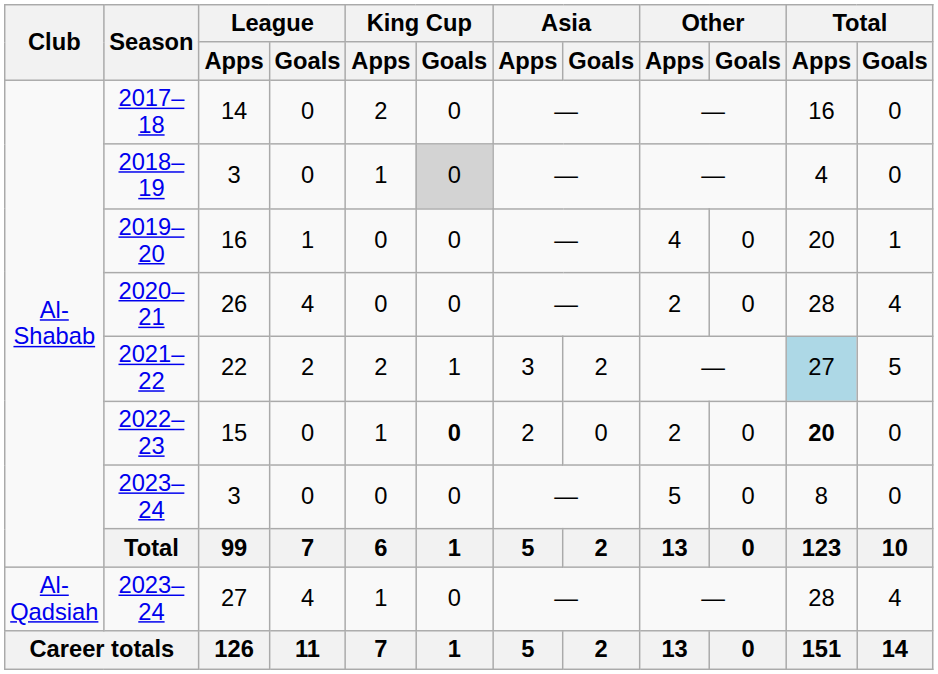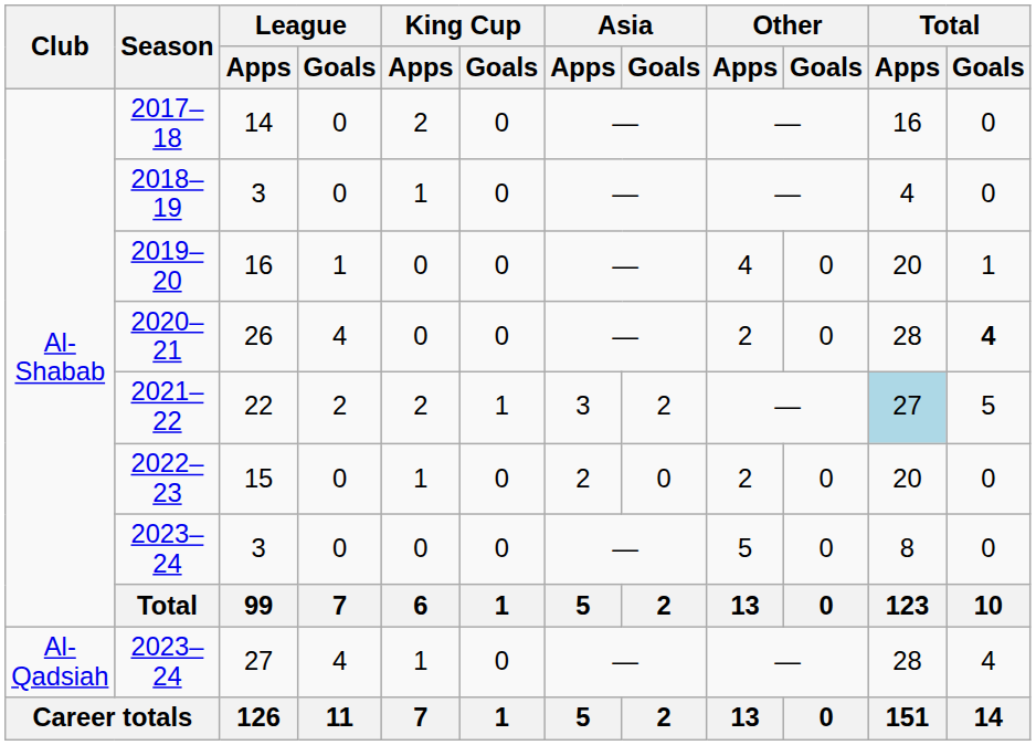 <table class="wikitable" style="text-align: center">
 <tr>
 <th rowspan=2>Club</th>
 <th rowspan=2>Season</th>
 <th colspan=2>League</th>
 <th colspan=2>King Cup</th>
 <th colspan=2>Asia</th>
 <th colspan=2>Other</th>
 <th colspan=2>Total</th>
 </tr>
 <tr>
 <th>Apps</th>
 <th>Goals</th>
 <th>Apps</th>
 <th>Goals</th>
 <th>Apps</th>
 <th>Goals</th>
 <th>Apps</th>
 <th>Goals</th>
 <th>Apps</th>
 <th>Goals</th>
 </tr>
 <tr>
 <td rowspan=8><a href='#'>Al-Shabab</a></td>
 <td><a href='#'>2017–18</a></td>
 <td>14</td>
 <td>0</td>
 <td>2</td>
 <td>0</td>
 <td colspan=2>—</td>
 <td colspan=2>—</td>
 <td>16</td>
 <td>0</td>
 </tr>
 <tr>
 <td><a href='#'>2018–19</a></td>
 <td>3</td>
 <td>0</td>
 <td>1</td>
-<td style="background: lightgrey;">0</td>
+<td>0</td>
 <td colspan=2>—</td>
 <td colspan=2>—</td>
 <td>4</td>
 <td>0</td>
 </tr>
 <tr>
 <td><a href='#'>2019–20</a></td>
 <td>16</td>
 <td>1</td>
 <td>0</td>
 <td>0</td>
 <td colspan=2>—</td>
 <td>4</td>
 <td>0</td>
 <td>20</td>
 <td>1</td>
 </tr>
 <tr>
 <td><a href='#'>2020–21</a></td>
 <td>26</td>
 <td>4</td>
 <td>0</td>
 <td>0</td>
 <td colspan=2>—</td>
 <td>2</td>
 <td>0</td>
 <td>28</td>
-<td>4</td>
+<td><strong>4</strong></td>
 </tr>
 <tr>
 <td><a href='#'>2021–22</a></td>
 <td>22</td>
 <td>2</td>
 <td>2</td>
 <td>1</td>
 <td>3</td>
 <td>2</td>
 <td colspan=2>—</td>
 <td style="background: lightblue;">27</td>
 <td>5</td>
 </tr>
 <tr>
 <td><a href='#'>2022–23</a></td>
 <td>15</td>
 <td>0</td>
 <td>1</td>
-<td><strong>0</strong></td>
+<td>0</td>
 <td>2</td>
 <td>0</td>
 <td>2</td>
 <td>0</td>
-<td><strong>20</strong></td>
+<td>20</td>
 <td>0</td>
 </tr>
 <tr>
 <td><a href='#'>2023–24</a></td>
 <td>3</td>
 <td>0</td>
 <td>0</td>
 <td>0</td>
 <td colspan=2>—</td>
 <td>5</td>
 <td>0</td>
 <td>8</td>
 <td>0</td>
 </tr>
 <tr>
 <th>Total</th>
 <th>99</th>
 <th>7</th>
 <th>6</th>
 <th>1</th>
 <th>5</th>
 <th>2</th>
 <th>13</th>
 <th>0</th>
 <th>123</th>
 <th>10</th>
 </tr>
 <tr>
 <td rowspan=1><a href='#'>Al-Qadsiah</a></td>
 <td><a href='#'>2023–24</a></td>
 <td>27</td>
 <td>4</td>
 <td>1</td>
 <td>0</td>
 <td colspan=2>—</td>
 <td colspan=2>—</td>
 <td>28</td>
 <td>4</td>
 </tr>
 <tr>
 <th colspan=2>Career totals</th>
 <th>126</th>
 <th>11</th>
 <th>7</th>
 <th>1</th>
 <th>5</th>
 <th>2</th>
 <th>13</th>
 <th>0</th>
 <th>151</th>
 <th>14</th>
 </tr>
 </table>
